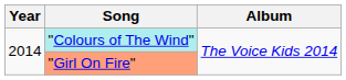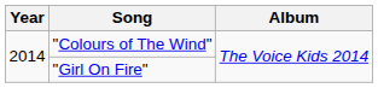 <table class="wikitable">
 <tr>
 <th>Year</th>
 <th>Song</th>
 <th>Album</th>
 </tr>
 <tr>
 <td rowspan=2>2014</td>
-<td style="background: paleturquoise;">"<a href='#'>Colours of The Wind</a>"</td>
+<td>"<a href='#'>Colours of The Wind</a>"</td>
 <td rowspan=2><em><a href='#'>The Voice Kids 2014</a></em></td>
 </tr>
 <tr>
-<td style="background: lightsalmon;">"<a href='#'>Girl On Fire</a>"</td>
+<td>"<a href='#'>Girl On Fire</a>"</td>
 </tr>
 </table>
